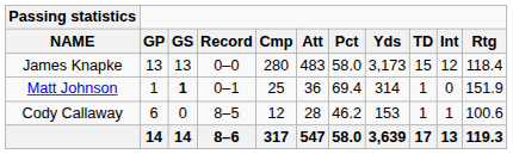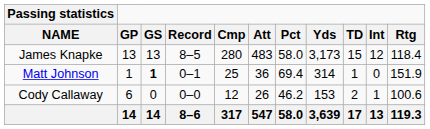 <table class="wikitable" style="text-align:center;">
 <tr>
 <th style="text-align:center; ">Passing statistics</th>
 </tr>
 <tr>
 <th>NAME</th>
 <th>GP</th>
 <th>GS</th>
 <th>Record</th>
 <th>Cmp</th>
 <th>Att</th>
 <th>Pct</th>
 <th>Yds</th>
 <th>TD</th>
 <th>Int</th>
 <th>Rtg</th>
 </tr>
 <tr>
 <td>James Knapke</td>
 <td>13</td>
 <td>13</td>
-<td>0–0</td>
+<td>8–5</td>
 <td>280</td>
 <td>483</td>
 <td>58.0</td>
 <td>3,173</td>
 <td>15</td>
 <td>12</td>
 <td>118.4</td>
 </tr>
 <tr>
 <td><a href='#'>Matt Johnson</a></td>
 <td>1</td>
 <td><strong>1</strong></td>
 <td>0–1</td>
 <td>25</td>
 <td>36</td>
 <td>69.4</td>
 <td>314</td>
 <td>1</td>
 <td>0</td>
 <td>151.9</td>
 </tr>
 <tr>
 <td>Cody Callaway</td>
 <td>6</td>
 <td>0</td>
-<td>8–5</td>
+<td>0–0</td>
 <td>12</td>
-<td>28</td>
+<td>26</td>
 <td>46.2</td>
 <td>153</td>
-<td>1</td>
+<td>2</td>
 <td>1</td>
 <td>100.6</td>
 </tr>
 <tr>
 <th colspan="1"></th>
 <th>14</th>
 <th>14</th>
 <th>8–6</th>
 <th>317</th>
 <th>547</th>
 <th>58.0</th>
 <th>3,639</th>
 <th>17</th>
 <th>13</th>
 <th>119.3</th>
 </tr>
 </table>
